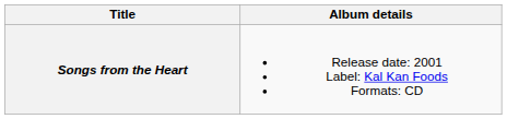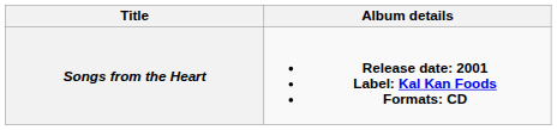 <table class="wikitable plainrowheaders" style="text-align:center;">
 <tr>
 <th style="width:18em;">Title</th>
 <th style="width:20em;">Album details</th>
 </tr>
 <tr>
 <th scope="row"><em>Songs from the Heart</em></th>
-<td><br><ul><li>Release date: 2001</li><li>Label: <a href='#'>Kal Kan Foods</a></li><li>Formats: CD</li></ul></td>
+<td><strong><br><ul><li>Release date: 2001</li><li>Label: <a href='#'>Kal Kan Foods</a></li><li>Formats: CD</li></ul></strong></td>
 </tr>
 </table>
